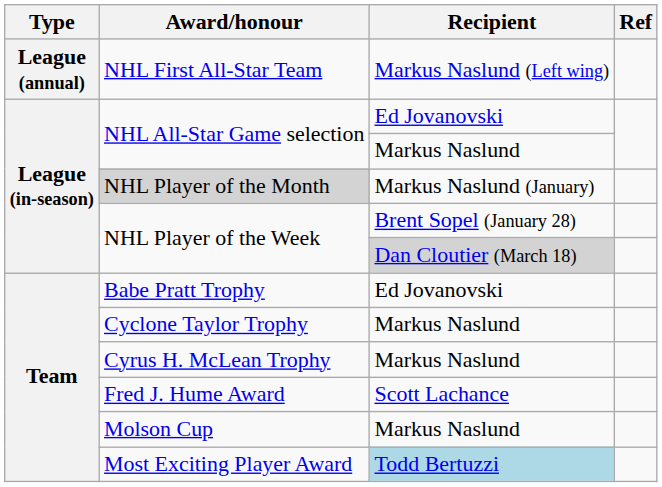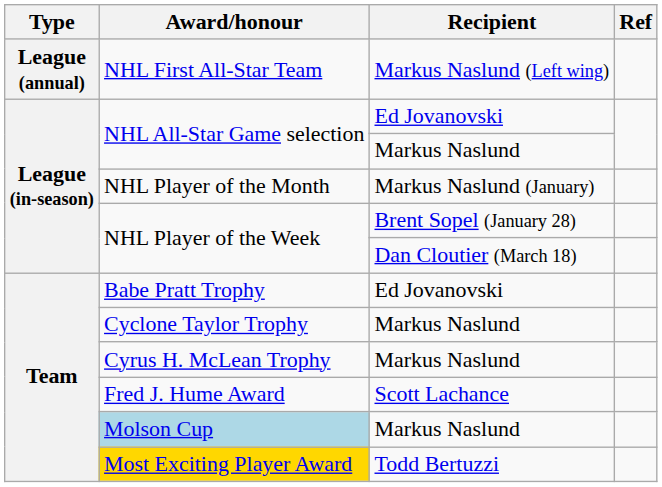 <table class="wikitable">
 <tr>
 <th scope="col">Type</th>
 <th scope="col">Award/honour</th>
 <th scope="col">Recipient</th>
 <th scope="col">Ref</th>
 </tr>
 <tr>
 <th scope="row">League<br><small>(annual)</small></th>
 <td><a href='#'>NHL First All-Star Team</a></td>
 <td><a href='#'>Markus Naslund</a> <small>(<a href='#'>Left wing</a>)</small></td>
 <td></td>
 </tr>
 <tr>
 <th scope="row" rowspan="5">League<br><small>(in-season)</small></th>
 <td rowspan="2"><a href='#'>NHL All-Star Game</a> selection</td>
 <td><a href='#'>Ed Jovanovski</a></td>
 <td rowspan="2"></td>
 </tr>
 <tr>
 <td>Markus Naslund</td>
 </tr>
 <tr>
-<td style="background: lightgrey;">NHL Player of the Month</td>
+<td>NHL Player of the Month</td>
 <td>Markus Naslund <small>(January)</small></td>
 <td></td>
 </tr>
 <tr>
 <td rowspan="2">NHL Player of the Week</td>
 <td><a href='#'>Brent Sopel</a> <small>(January 28)</small></td>
 <td></td>
 </tr>
 <tr>
-<td style="background: lightgrey;"><a href='#'>Dan Cloutier</a> <small>(March 18)</small></td>
+<td><a href='#'>Dan Cloutier</a> <small>(March 18)</small></td>
 <td></td>
 </tr>
 <tr>
 <th scope="row" rowspan="6">Team</th>
 <td><a href='#'>Babe Pratt Trophy</a></td>
 <td>Ed Jovanovski</td>
 <td></td>
 </tr>
 <tr>
 <td><a href='#'>Cyclone Taylor Trophy</a></td>
 <td>Markus Naslund</td>
 <td></td>
 </tr>
 <tr>
 <td><a href='#'>Cyrus H. McLean Trophy</a></td>
 <td>Markus Naslund</td>
 <td></td>
 </tr>
 <tr>
 <td><a href='#'>Fred J. Hume Award</a></td>
 <td><a href='#'>Scott Lachance</a></td>
 <td></td>
 </tr>
 <tr>
-<td><a href='#'>Molson Cup</a></td>
+<td style="background: lightblue;"><a href='#'>Molson Cup</a></td>
 <td>Markus Naslund</td>
 <td></td>
 </tr>
 <tr>
-<td><a href='#'>Most Exciting Player Award</a></td>
-<td style="background: lightblue;"><a href='#'>Todd Bertuzzi</a></td>
+<td style="background: gold;"><a href='#'>Most Exciting Player Award</a></td>
+<td><a href='#'>Todd Bertuzzi</a></td>
 <td></td>
 </tr>
 </table>
